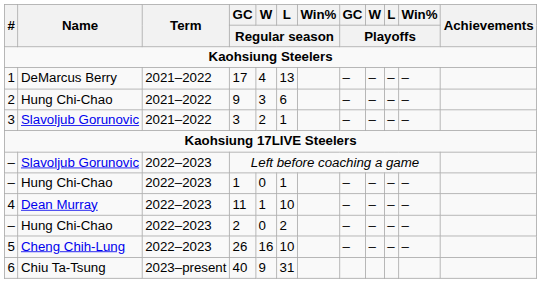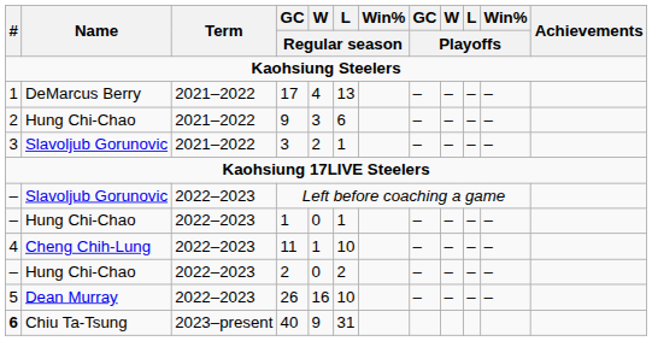 <table class="wikitable sortable">
 <tr>
 <th rowspan="2">#</th>
 <th rowspan="2">Name</th>
 <th rowspan="2">Term</th>
 <th>GC</th>
 <th>W</th>
 <th>L</th>
 <th>Win%</th>
 <th>GC</th>
 <th>W</th>
 <th>L</th>
 <th>Win%</th>
 <th rowspan="2" class=unsortable>Achievements</th>
 </tr>
 <tr class="unsortable">
 <th colspan="4">Regular season</th>
 <th colspan="4">Playoffs</th>
 </tr>
 <tr>
 <td align=center colspan="15"><strong>Kaohsiung Steelers</strong></td>
 </tr>
 <tr>
 <td align=center>1</td>
 <td>DeMarcus Berry</td>
 <td>2021–2022</td>
 <td>17</td>
 <td>4</td>
 <td>13</td>
 <td></td>
 <td>–</td>
 <td>–</td>
 <td>–</td>
 <td>–</td>
 <td></td>
 </tr>
 <tr>
 <td align=center>2</td>
 <td>Hung Chi-Chao</td>
 <td>2021–2022</td>
 <td>9</td>
 <td>3</td>
 <td>6</td>
 <td></td>
 <td>–</td>
 <td>–</td>
 <td>–</td>
 <td>–</td>
 <td></td>
 </tr>
 <tr>
 <td align=center>3</td>
 <td><a href='#'>Slavoljub Gorunovic</a></td>
 <td>2021–2022</td>
 <td>3</td>
 <td>2</td>
 <td>1</td>
 <td></td>
 <td>–</td>
 <td>–</td>
 <td>–</td>
 <td>–</td>
 <td></td>
 </tr>
 <tr>
 <td align=center colspan="15"><strong>Kaohsiung 17LIVE Steelers</strong></td>
 </tr>
 <tr>
 <td align=center>–</td>
 <td><a href='#'>Slavoljub Gorunovic</a></td>
 <td>2022–2023</td>
 <td colspan=8 align="center"><em>Left before coaching a game</em></td>
 <td></td>
 </tr>
 <tr>
 <td align=center>–</td>
 <td>Hung Chi-Chao</td>
 <td>2022–2023</td>
 <td>1</td>
 <td>0</td>
 <td>1</td>
 <td></td>
 <td>–</td>
 <td>–</td>
 <td>–</td>
 <td>–</td>
 <td></td>
 </tr>
 <tr>
 <td align=center>4</td>
-<td><a href='#'>Dean Murray</a></td>
+<td><a href='#'>Cheng Chih-Lung</a></td>
 <td>2022–2023</td>
 <td>11</td>
 <td>1</td>
 <td>10</td>
 <td></td>
 <td>–</td>
 <td>–</td>
 <td>–</td>
 <td>–</td>
 <td></td>
 </tr>
 <tr>
 <td align=center>–</td>
 <td>Hung Chi-Chao</td>
 <td>2022–2023</td>
 <td>2</td>
 <td>0</td>
 <td>2</td>
 <td></td>
 <td>–</td>
 <td>–</td>
 <td>–</td>
 <td>–</td>
 <td></td>
 </tr>
 <tr>
 <td align=center>5</td>
-<td><a href='#'>Cheng Chih-Lung</a></td>
+<td><a href='#'>Dean Murray</a></td>
 <td>2022–2023</td>
 <td>26</td>
 <td>16</td>
 <td>10</td>
 <td></td>
 <td>–</td>
 <td>–</td>
 <td>–</td>
 <td>–</td>
 <td></td>
 </tr>
 <tr>
-<td align=center>6</td>
+<td align=center><strong>6</strong></td>
 <td>Chiu Ta-Tsung</td>
 <td>2023–present</td>
 <td>40</td>
 <td>9</td>
 <td>31</td>
 <td></td>
 <td></td>
 <td></td>
 <td></td>
 <td></td>
 <td></td>
 </tr>
 </table>
